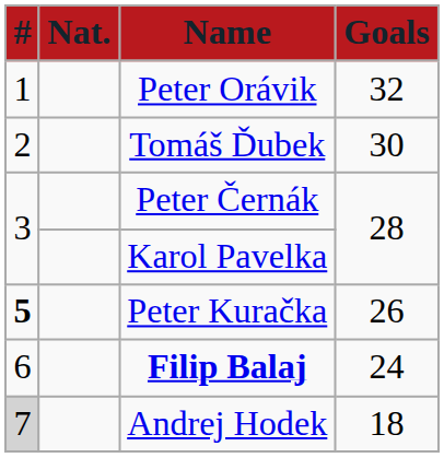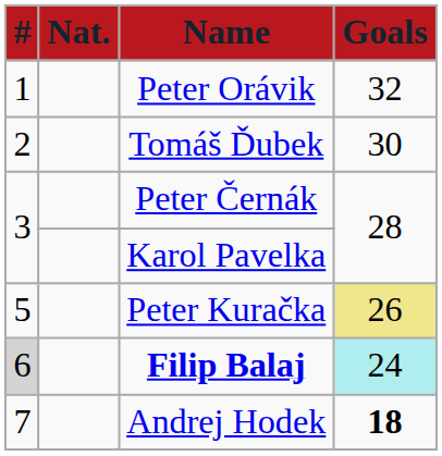 <table class="wikitable" style="text-align:center;">
 <tr>
 <th style="color:#12242D; background:#B9191E;">#</th>
 <th style="color:#12242D; background:#B9191E;">Nat.</th>
 <th style="color:#12242D; background:#B9191E;">Name</th>
 <th style="color:#12242D; background:#B9191E;">Goals</th>
 </tr>
 <tr>
 <td>1</td>
 <td></td>
 <td><a href='#'>Peter Orávik</a></td>
 <td>32</td>
 </tr>
 <tr>
 <td>2</td>
 <td></td>
 <td><a href='#'>Tomáš Ďubek</a></td>
 <td>30</td>
 </tr>
 <tr>
 <td rowspan="2">3</td>
 <td></td>
 <td><a href='#'>Peter Černák</a></td>
 <td rowspan="2">28</td>
 </tr>
 <tr>
 <td></td>
 <td><a href='#'>Karol Pavelka</a></td>
 </tr>
 <tr>
-<td><strong>5</strong></td>
+<td>5</td>
 <td></td>
 <td><a href='#'>Peter Kuračka</a></td>
-<td>26</td>
+<td style="background: khaki;">26</td>
 </tr>
 <tr>
-<td>6</td>
+<td style="background: lightgrey;">6</td>
 <td></td>
 <td><strong><a href='#'>Filip Balaj</a></strong></td>
-<td>24</td>
+<td style="background: paleturquoise;">24</td>
 </tr>
 <tr>
-<td style="background: lightgrey;">7</td>
+<td>7</td>
 <td></td>
 <td><a href='#'>Andrej Hodek</a></td>
-<td>18</td>
+<td><strong>18</strong></td>
 </tr>
 <tr>
 </tr>
 </table>
